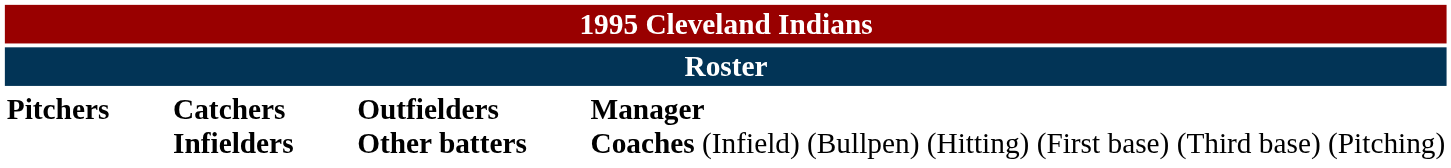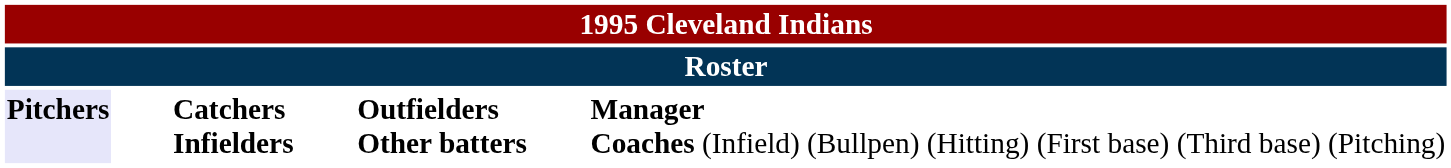 <table class="toccolours" style="font-size: 95%;">
 <tr>
 <th colspan="10" style="background:#900; color:white; text-align:center;">1995 Cleveland Indians</th>
 </tr>
 <tr>
 <td colspan="10" style="background:#023456; color:#fff; text-align:center;"><strong>Roster</strong></td>
 </tr>
 <tr>
-<td valign="top"><strong>Pitchers</strong><br>                   </td>
+<td valign="top" style="background: lavender;"><strong>Pitchers</strong><br>                   </td>
 <td style="width:25px;"></td>
 <td valign="top"><strong>Catchers</strong><br>    <strong>Infielders</strong>         </td>
 <td style="width:25px;"></td>
 <td valign="top"><strong>Outfielders</strong><br>       <strong>Other batters</strong> </td>
 <td style="width:25px;"></td>
 <td valign="top"><strong>Manager</strong><br> <strong>Coaches</strong>  (Infield)  (Bullpen)  (Hitting)  (First base)  (Third base)  (Pitching)</td>
 </tr>
 </table>
